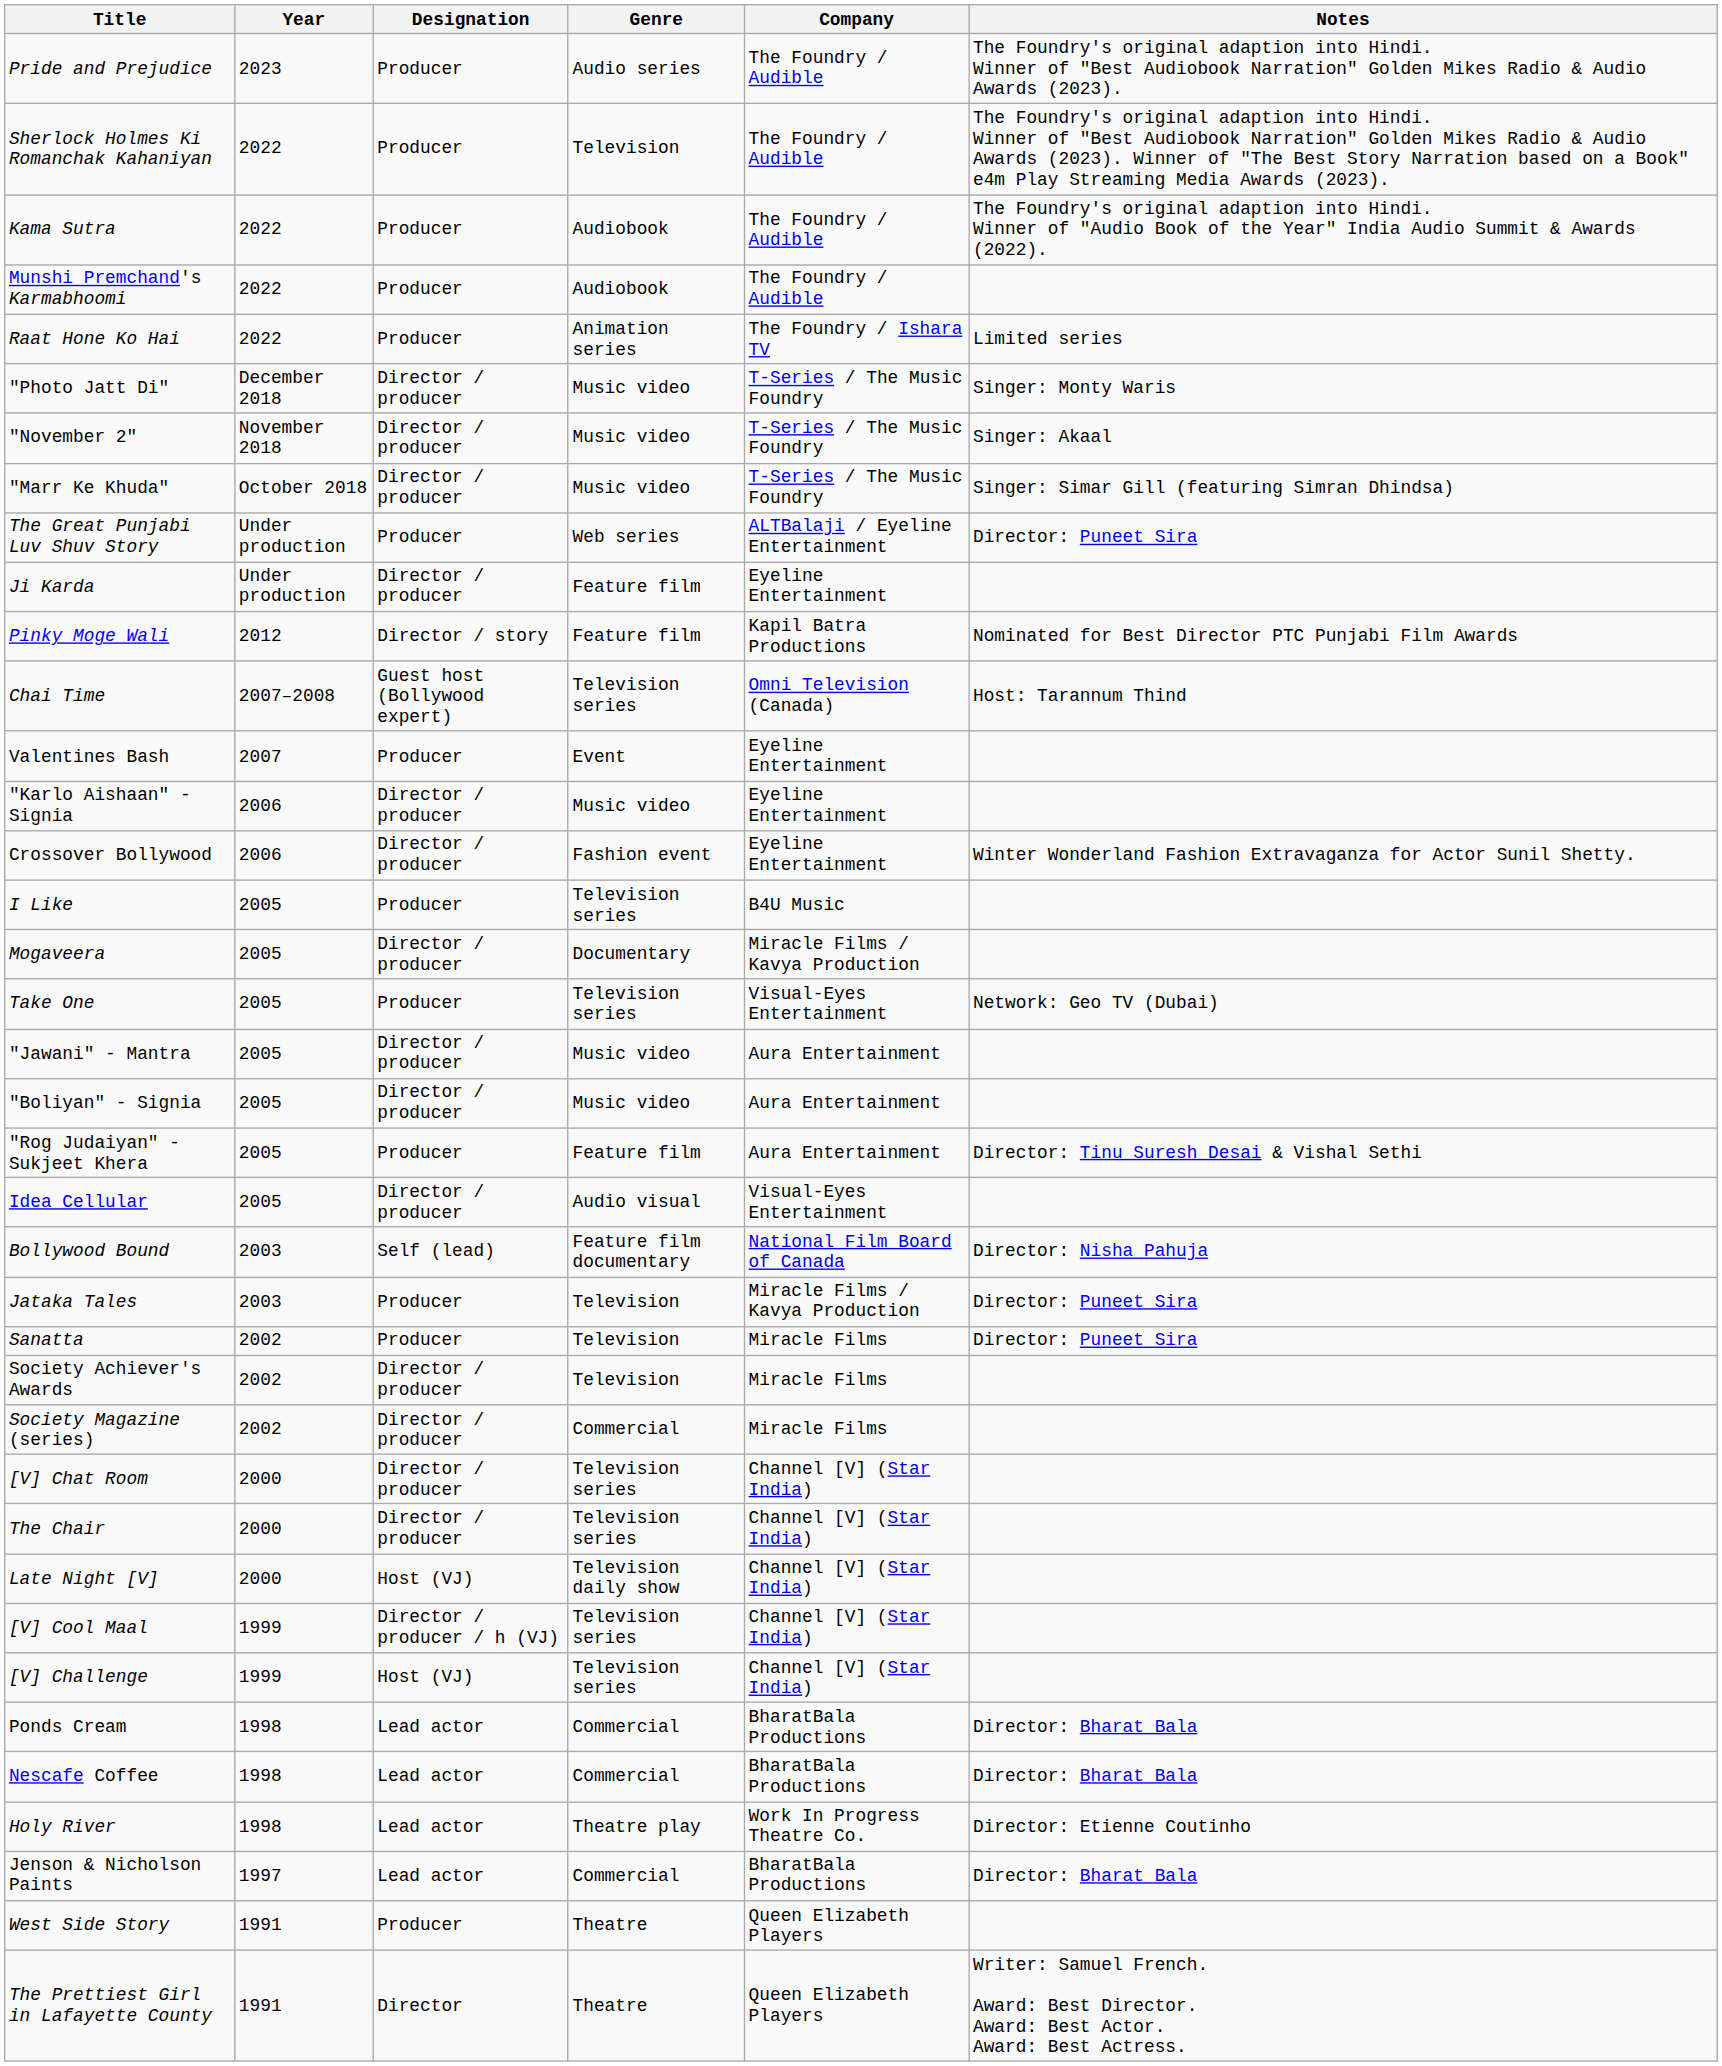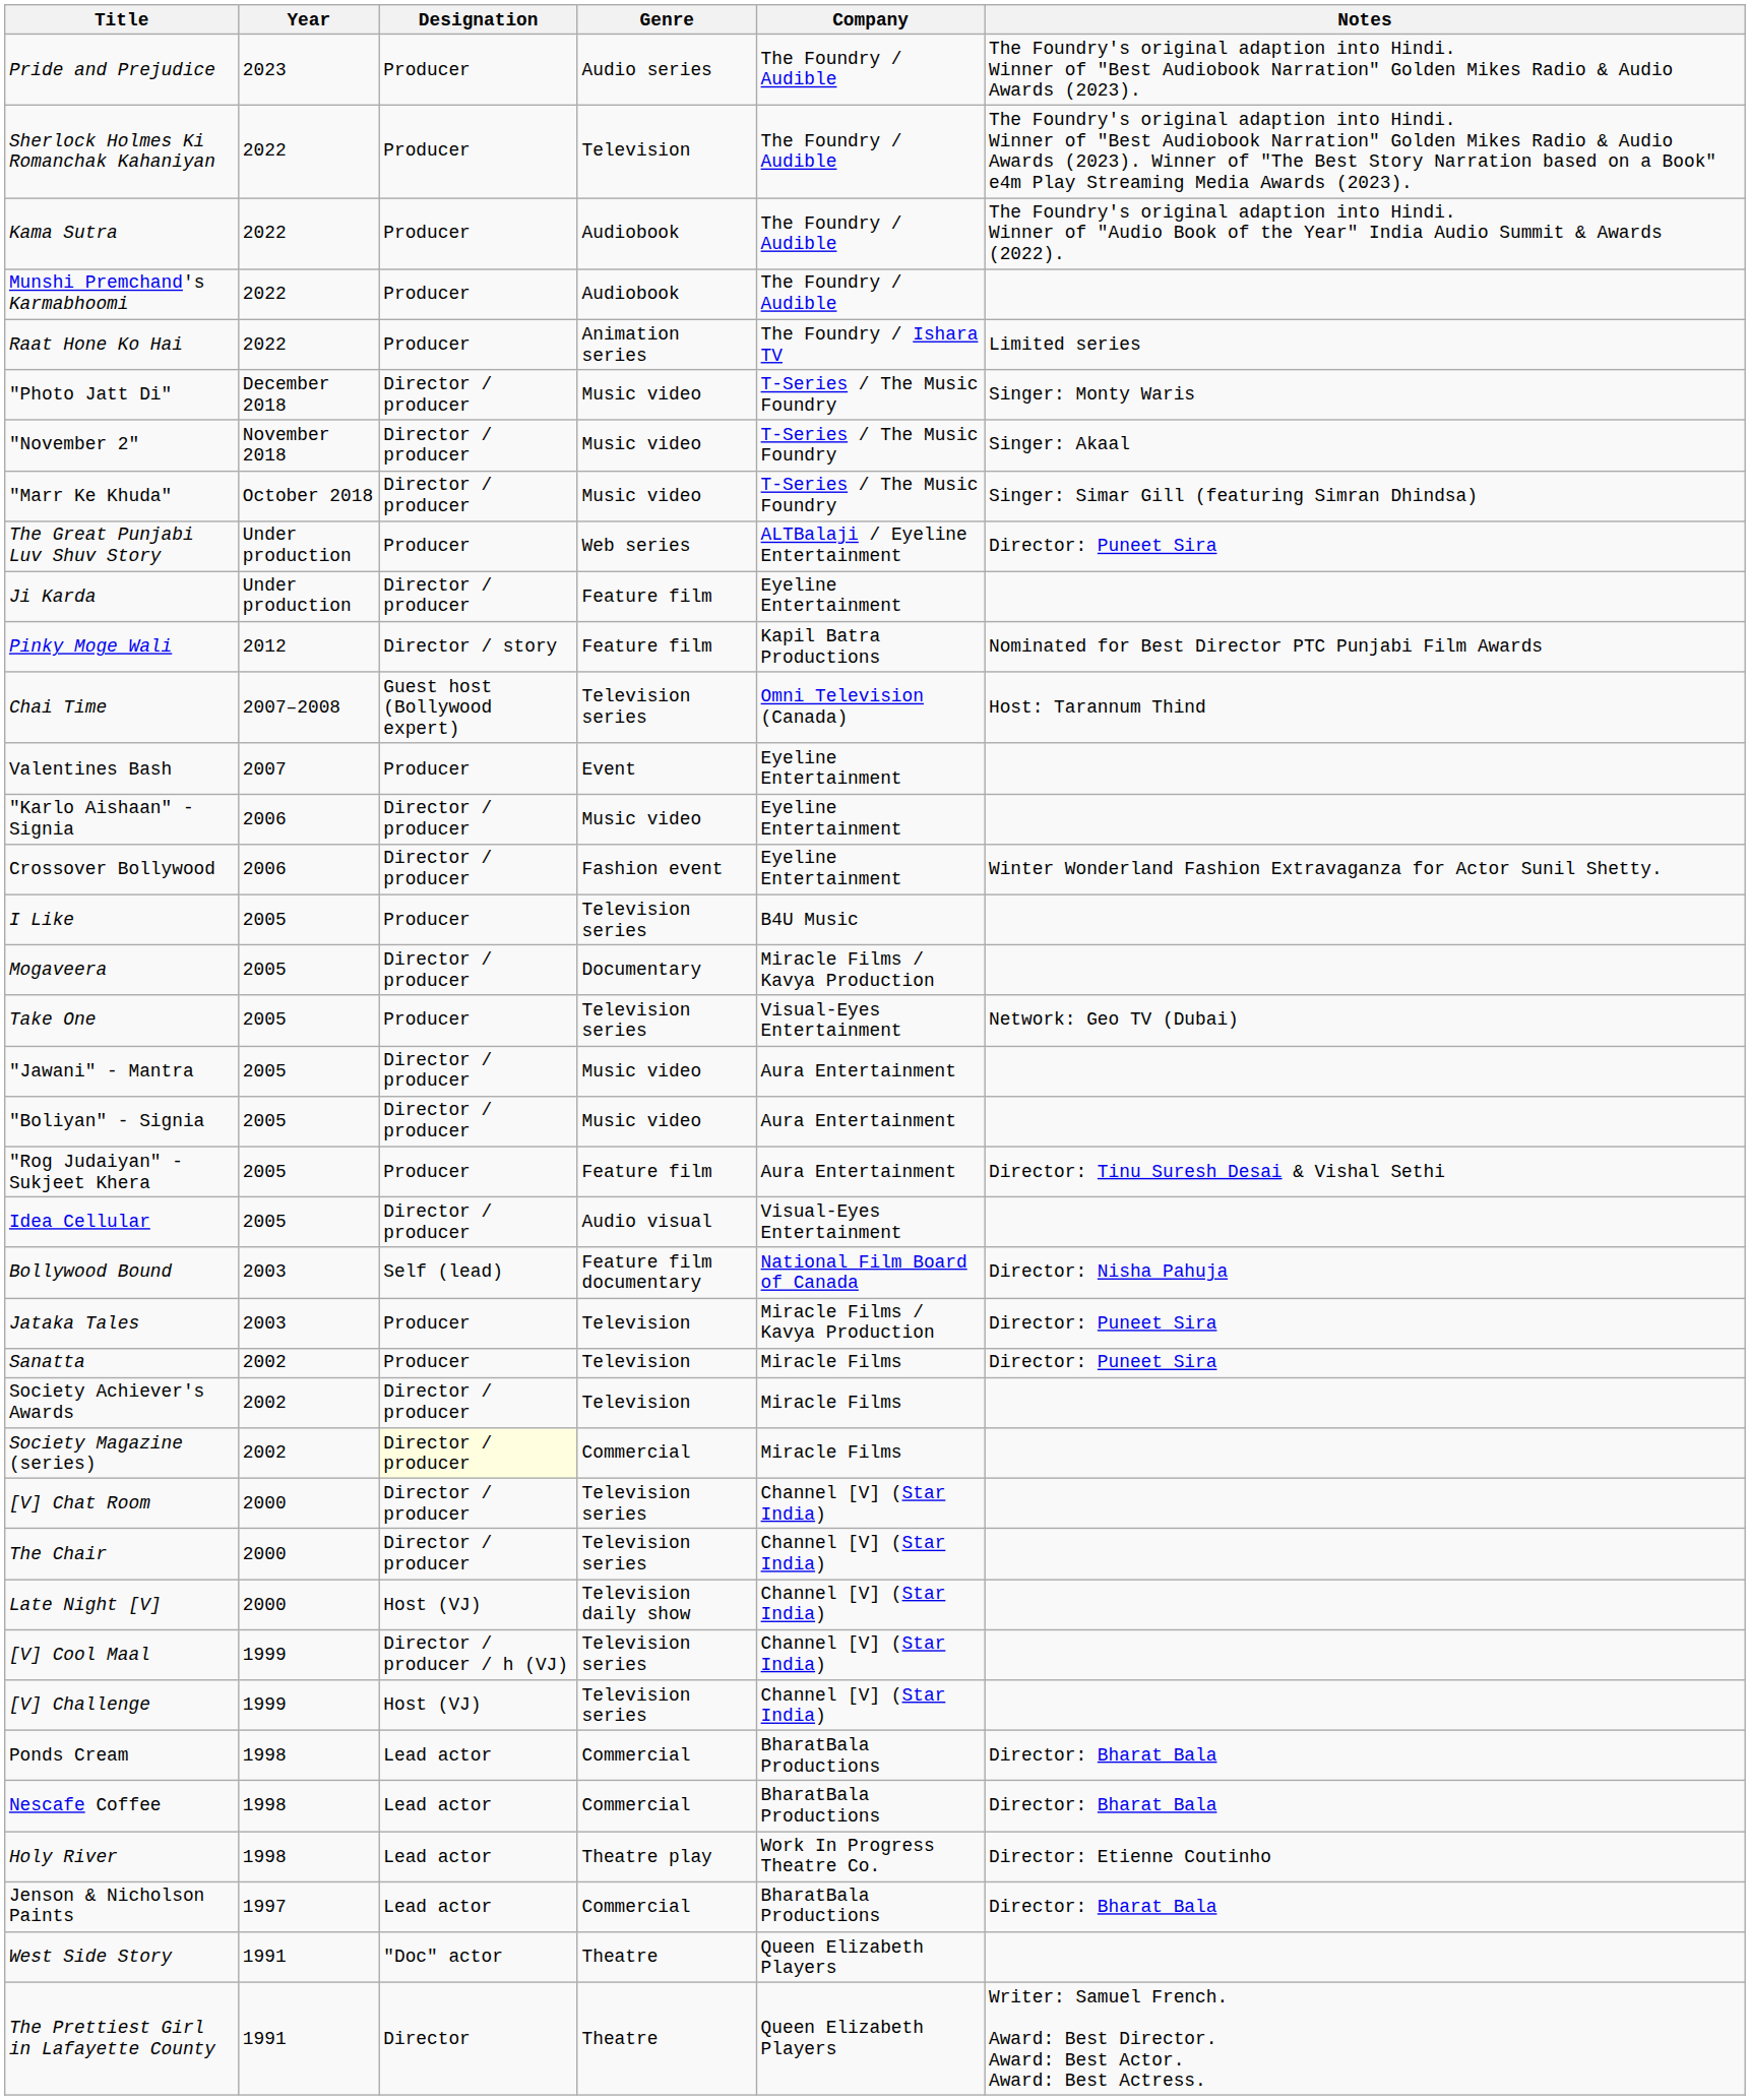 <table class="wikitable">
 <tr>
 <th>Title</th>
 <th>Year</th>
 <th>Designation</th>
 <th>Genre</th>
 <th>Company</th>
 <th>Notes</th>
 </tr>
 <tr>
 <td><em>Pride and Prejudice</em></td>
 <td>2023</td>
 <td>Producer</td>
 <td>Audio series</td>
 <td>The Foundry / <a href='#'>Audible</a></td>
 <td>The Foundry's original adaption into Hindi.<br>Winner of "Best Audiobook Narration" Golden Mikes Radio & Audio Awards (2023).</td>
 </tr>
 <tr>
 <td><em>Sherlock Holmes Ki Romanchak Kahaniyan</em></td>
 <td>2022</td>
 <td>Producer</td>
 <td>Television</td>
 <td>The Foundry / <a href='#'>Audible</a></td>
 <td>The Foundry's original adaption into Hindi.<br>Winner of "Best Audiobook Narration" Golden Mikes Radio & Audio Awards (2023). Winner of "The Best Story Narration based on a Book" e4m Play Streaming Media Awards (2023).</td>
 </tr>
 <tr>
 <td><em>Kama Sutra</em></td>
 <td>2022</td>
 <td>Producer</td>
 <td>Audiobook</td>
 <td>The Foundry / <a href='#'>Audible</a></td>
 <td>The Foundry's original adaption into Hindi.<br>Winner of "Audio Book of the Year" India Audio Summit & Awards (2022).</td>
 </tr>
 <tr>
 <td><a href='#'>Munshi Premchand</a>'s <em>Karmabhoomi</em></td>
 <td>2022</td>
 <td>Producer</td>
 <td>Audiobook</td>
 <td>The Foundry / <a href='#'>Audible</a></td>
 <td></td>
 </tr>
 <tr>
 <td><em>Raat Hone Ko Hai</em></td>
 <td>2022</td>
 <td>Producer</td>
 <td>Animation series</td>
 <td>The Foundry / <a href='#'>Ishara TV</a></td>
 <td>Limited series</td>
 </tr>
 <tr>
 <td>"Photo Jatt Di"</td>
 <td>December 2018</td>
 <td>Director / producer</td>
 <td>Music video</td>
 <td><a href='#'>T-Series</a> / The Music Foundry</td>
 <td>Singer: Monty Waris</td>
 </tr>
 <tr>
 <td>"November 2"</td>
 <td>November 2018</td>
 <td>Director / producer</td>
 <td>Music video</td>
 <td><a href='#'>T-Series</a> / The Music Foundry</td>
 <td>Singer: Akaal</td>
 </tr>
 <tr>
 <td>"Marr Ke Khuda"</td>
 <td>October 2018</td>
 <td>Director / producer</td>
 <td>Music video</td>
 <td><a href='#'>T-Series</a> / The Music Foundry</td>
 <td>Singer: Simar Gill (featuring Simran Dhindsa)</td>
 </tr>
 <tr>
 <td><em>The Great Punjabi Luv Shuv Story</em></td>
 <td>Under production</td>
 <td>Producer</td>
 <td>Web series</td>
 <td><a href='#'>ALTBalaji</a> / Eyeline Entertainment</td>
 <td>Director: <a href='#'>Puneet Sira</a></td>
 </tr>
 <tr>
 <td><em>Ji Karda</em></td>
 <td>Under production</td>
 <td>Director / producer</td>
 <td>Feature film</td>
 <td>Eyeline Entertainment</td>
 <td></td>
 </tr>
 <tr>
 <td><em><a href='#'>Pinky Moge Wali</a></em></td>
 <td>2012</td>
 <td>Director / story</td>
 <td>Feature film</td>
 <td>Kapil Batra Productions</td>
 <td>Nominated for Best Director PTC Punjabi Film Awards</td>
 </tr>
 <tr>
 <td><em>Chai Time</em></td>
 <td>2007–2008</td>
 <td>Guest host (Bollywood expert)</td>
 <td>Television series</td>
 <td><a href='#'>Omni Television</a> (Canada)</td>
 <td>Host: Tarannum Thind</td>
 </tr>
 <tr>
 <td>Valentines Bash</td>
 <td>2007</td>
 <td>Producer</td>
 <td>Event</td>
 <td>Eyeline Entertainment</td>
 <td></td>
 </tr>
 <tr>
 <td>"Karlo Aishaan" - Signia</td>
 <td>2006</td>
 <td>Director / producer</td>
 <td>Music video</td>
 <td>Eyeline Entertainment</td>
 <td></td>
 </tr>
 <tr>
 <td>Crossover Bollywood</td>
 <td>2006</td>
 <td>Director / producer</td>
 <td>Fashion event</td>
 <td>Eyeline Entertainment</td>
 <td>Winter Wonderland Fashion Extravaganza for Actor Sunil Shetty.</td>
 </tr>
 <tr>
 <td><em>I Like</em></td>
 <td>2005</td>
 <td>Producer</td>
 <td>Television series</td>
 <td>B4U Music</td>
 <td></td>
 </tr>
 <tr>
 <td><em>Mogaveera</em></td>
 <td>2005</td>
 <td>Director / producer</td>
 <td>Documentary</td>
 <td>Miracle Films / Kavya Production</td>
 <td></td>
 </tr>
 <tr>
 <td><em>Take One</em></td>
 <td>2005</td>
 <td>Producer</td>
 <td>Television series</td>
 <td>Visual-Eyes Entertainment</td>
 <td>Network: Geo TV (Dubai)</td>
 </tr>
 <tr>
 <td>"Jawani" - Mantra</td>
 <td>2005</td>
 <td>Director / producer</td>
 <td>Music video</td>
 <td>Aura Entertainment</td>
 <td></td>
 </tr>
 <tr>
 <td>"Boliyan" - Signia</td>
 <td>2005</td>
 <td>Director / producer</td>
 <td>Music video</td>
 <td>Aura Entertainment</td>
 <td></td>
 </tr>
 <tr>
 <td>"Rog Judaiyan" - Sukjeet Khera</td>
 <td>2005</td>
 <td>Producer</td>
 <td>Feature film</td>
 <td>Aura Entertainment</td>
 <td>Director: <a href='#'>Tinu Suresh Desai</a> & Vishal Sethi</td>
 </tr>
 <tr>
 <td><a href='#'>Idea Cellular</a></td>
 <td>2005</td>
 <td>Director / producer</td>
 <td>Audio visual</td>
 <td>Visual-Eyes Entertainment</td>
 <td></td>
 </tr>
 <tr>
 <td><em>Bollywood Bound</em></td>
 <td>2003</td>
 <td>Self (lead)</td>
 <td>Feature film documentary</td>
 <td><a href='#'>National Film Board of Canada</a></td>
 <td>Director: <a href='#'>Nisha Pahuja</a></td>
 </tr>
 <tr>
 <td><em>Jataka Tales</em></td>
 <td>2003</td>
 <td>Producer</td>
 <td>Television</td>
 <td>Miracle Films / Kavya Production</td>
 <td>Director: <a href='#'>Puneet Sira</a></td>
 </tr>
 <tr>
 <td><em>Sanatta</em></td>
 <td>2002</td>
 <td>Producer</td>
 <td>Television</td>
 <td>Miracle Films</td>
 <td>Director: <a href='#'>Puneet Sira</a></td>
 </tr>
 <tr>
 <td>Society Achiever's Awards</td>
 <td>2002</td>
 <td>Director / producer</td>
 <td>Television</td>
 <td>Miracle Films</td>
 <td></td>
 </tr>
 <tr>
 <td><em>Society Magazine</em> (series)</td>
 <td>2002</td>
-<td>Director / producer</td>
+<td style="background: lightyellow;">Director / producer</td>
 <td>Commercial</td>
 <td>Miracle Films</td>
 <td></td>
 </tr>
 <tr>
 <td><em>[V] Chat Room</em></td>
 <td>2000</td>
 <td>Director / producer</td>
 <td>Television series</td>
 <td>Channel [V] (<a href='#'>Star India</a>)</td>
 <td></td>
 </tr>
 <tr>
 <td><em>The Chair</em></td>
 <td>2000</td>
 <td>Director / producer</td>
 <td>Television series</td>
 <td>Channel [V] (<a href='#'>Star India</a>)</td>
 <td></td>
 </tr>
 <tr>
 <td><em>Late Night [V]</em></td>
 <td>2000</td>
 <td>Host (VJ)</td>
 <td>Television daily show</td>
 <td>Channel [V] (<a href='#'>Star India</a>)</td>
 <td></td>
 </tr>
 <tr>
 <td><em>[V] Cool Maal</em></td>
 <td>1999</td>
 <td>Director / producer / h (VJ)</td>
 <td>Television series</td>
 <td>Channel [V] (<a href='#'>Star India</a>)</td>
 <td></td>
 </tr>
 <tr>
 <td><em>[V] Challenge</em></td>
 <td>1999</td>
 <td>Host (VJ)</td>
 <td>Television series</td>
 <td>Channel [V] (<a href='#'>Star India</a>)</td>
 </tr>
 <tr>
 <td>Ponds Cream</td>
 <td>1998</td>
 <td>Lead actor</td>
 <td>Commercial</td>
 <td>BharatBala Productions</td>
 <td>Director: <a href='#'>Bharat Bala</a></td>
 </tr>
 <tr>
 <td><a href='#'>Nescafe</a> Coffee</td>
 <td>1998</td>
 <td>Lead actor</td>
 <td>Commercial</td>
 <td>BharatBala Productions</td>
 <td>Director: <a href='#'>Bharat Bala</a></td>
 </tr>
 <tr>
 <td><em>Holy River</em></td>
 <td>1998</td>
 <td>Lead actor</td>
 <td>Theatre play</td>
 <td>Work In Progress Theatre Co.</td>
 <td>Director: Etienne Coutinho</td>
 </tr>
 <tr>
 <td>Jenson & Nicholson Paints</td>
 <td>1997</td>
 <td>Lead actor</td>
 <td>Commercial</td>
 <td>BharatBala Productions</td>
 <td>Director: <a href='#'>Bharat Bala</a></td>
 </tr>
 <tr>
 <td><em>West Side Story</em></td>
 <td>1991</td>
-<td>Producer</td>
+<td>"Doc" actor</td>
 <td>Theatre</td>
 <td>Queen Elizabeth Players</td>
 <td></td>
 </tr>
 <tr>
 <td><em>The Prettiest Girl in Lafayette County</em></td>
 <td>1991</td>
 <td>Director</td>
 <td>Theatre</td>
 <td>Queen Elizabeth Players</td>
 <td>Writer: Samuel French.<br><br>Award: Best Director.<br> Award: Best Actor.<br> Award: Best Actress.<br></td>
 </tr>
 </table>
